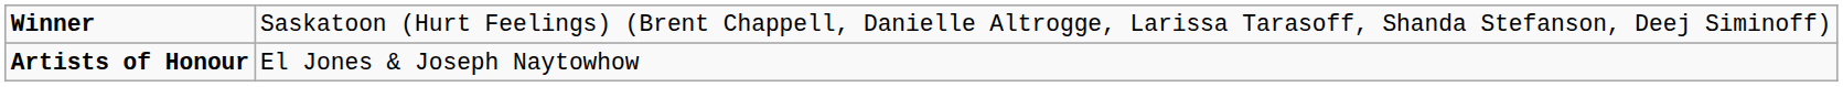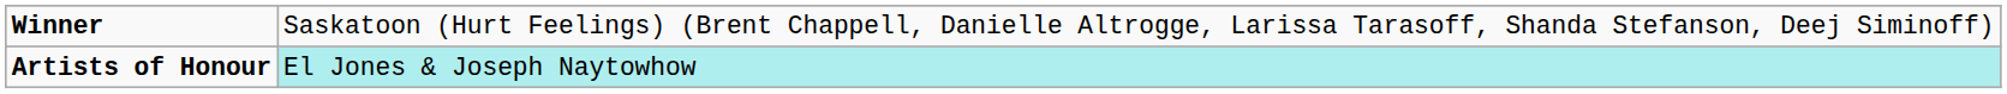 <table class="wikitable">
 <tr>
 <td><strong>Winner</strong></td>
 <td>Saskatoon (Hurt Feelings) (Brent Chappell, Danielle Altrogge, Larissa Tarasoff, Shanda Stefanson, Deej Siminoff)</td>
 </tr>
 <tr>
 <td><strong>Artists of Honour</strong></td>
-<td>El Jones & Joseph Naytowhow</td>
+<td style="background: paleturquoise;">El Jones & Joseph Naytowhow</td>
 </tr>
 </table>
